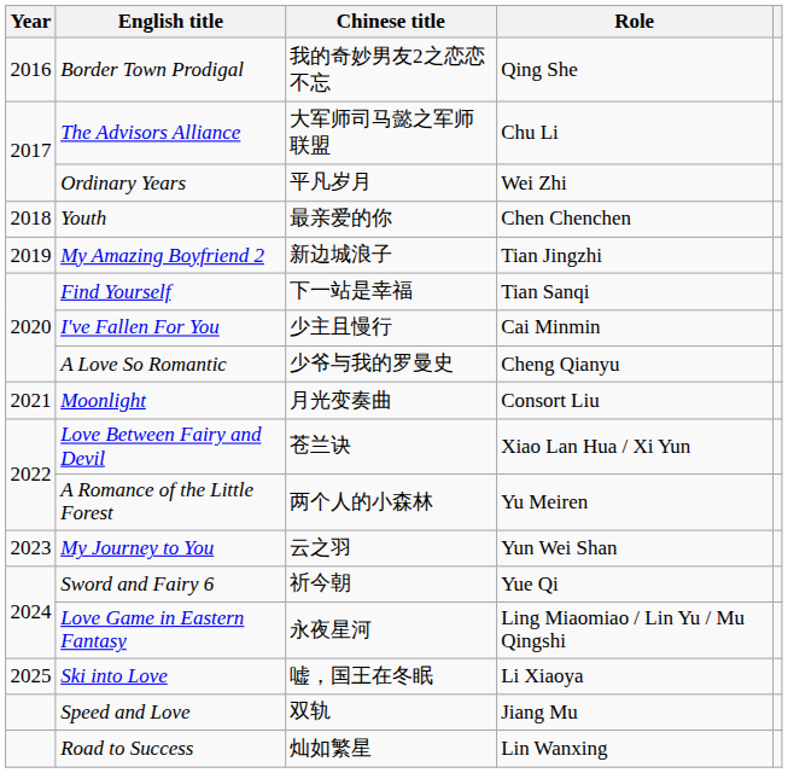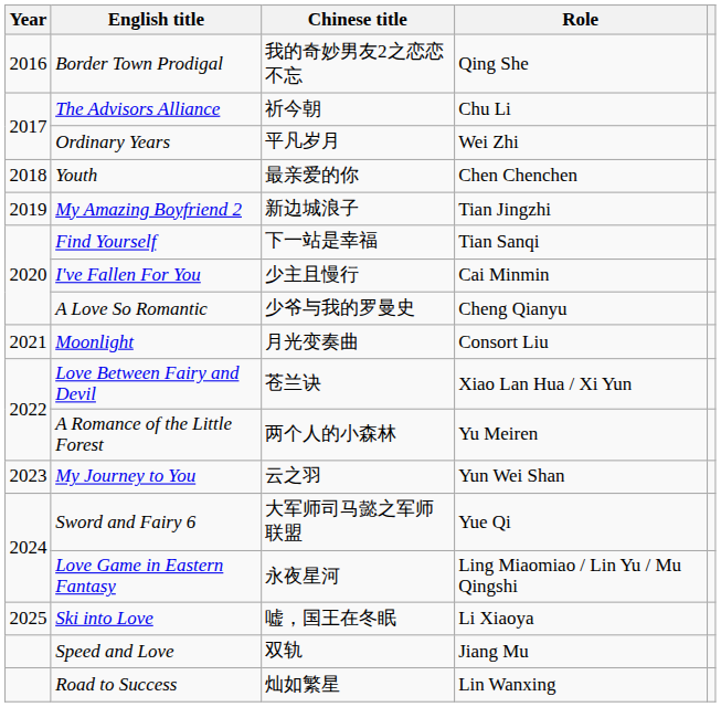 <table class="wikitable sortable">
 <tr>
 <th>Year</th>
 <th>English title</th>
 <th>Chinese title</th>
 <th>Role</th>
 <th></th>
 </tr>
 <tr>
 <td>2016</td>
 <td><em>Border Town Prodigal</em></td>
 <td>我的奇妙男友2之恋恋不忘</td>
 <td>Qing She</td>
 <td></td>
 </tr>
 <tr>
 <td rowspan=2>2017</td>
 <td><em><a href='#'>The Advisors Alliance</a></em></td>
-<td>大军师司马懿之军师联盟</td>
+<td>祈今朝</td>
 <td>Chu Li</td>
 <td></td>
 </tr>
 <tr>
 <td><em>Ordinary Years</em></td>
 <td>平凡岁月</td>
 <td>Wei Zhi</td>
 <td></td>
 </tr>
 <tr>
 <td>2018</td>
 <td><em>Youth</em></td>
 <td>最亲爱的你</td>
 <td>Chen Chenchen</td>
 <td></td>
 </tr>
 <tr>
 <td>2019</td>
 <td><em><a href='#'>My Amazing Boyfriend 2</a></em></td>
 <td>新边城浪子</td>
 <td>Tian Jingzhi</td>
 <td></td>
 </tr>
 <tr>
 <td rowspan="3">2020</td>
 <td><em><a href='#'>Find Yourself</a></em></td>
 <td>下一站是幸福</td>
 <td>Tian Sanqi</td>
 <td></td>
 </tr>
 <tr>
 <td><em><a href='#'>I've Fallen For You</a></em></td>
 <td>少主且慢行</td>
 <td>Cai Minmin</td>
 <td></td>
 </tr>
 <tr>
 <td><em>A Love So Romantic</em></td>
 <td>少爷与我的罗曼史</td>
 <td>Cheng Qianyu</td>
 <td></td>
 </tr>
 <tr>
 <td>2021</td>
 <td><em><a href='#'>Moonlight</a></em></td>
 <td>月光变奏曲</td>
 <td>Consort Liu</td>
 <td></td>
 </tr>
 <tr>
 <td rowspan="2">2022</td>
 <td><em><a href='#'>Love Between Fairy and Devil</a></em></td>
 <td>苍兰诀</td>
 <td>Xiao Lan Hua / Xi Yun</td>
 <td></td>
 </tr>
 <tr>
 <td><em>A Romance of the Little Forest</em></td>
 <td>两个人的小森林</td>
 <td>Yu Meiren</td>
 <td></td>
 </tr>
 <tr>
 <td>2023</td>
 <td><em><a href='#'>My Journey to You</a></em></td>
 <td>云之羽</td>
 <td>Yun Wei Shan</td>
 <td></td>
 </tr>
 <tr>
 <td rowspan="2">2024</td>
 <td><em>Sword and Fairy 6</em></td>
-<td>祈今朝</td>
+<td>大军师司马懿之军师联盟</td>
 <td>Yue Qi</td>
 <td></td>
 </tr>
 <tr>
 <td><em><a href='#'>Love Game in Eastern Fantasy</a></em></td>
 <td>永夜星河</td>
 <td>Ling Miaomiao / Lin Yu / Mu Qingshi</td>
 <td></td>
 </tr>
 <tr>
 <td>2025</td>
 <td><em><a href='#'>Ski into Love</a></em></td>
 <td>嘘，国王在冬眠</td>
 <td>Li Xiaoya</td>
 <td></td>
 </tr>
 <tr>
 <td></td>
 <td><em>Speed and Love</em></td>
 <td>双轨</td>
 <td>Jiang Mu</td>
 <td></td>
 </tr>
 <tr>
 <td></td>
 <td><em>Road to Success</em></td>
 <td>灿如繁星</td>
 <td>Lin Wanxing</td>
 <td></td>
 </tr>
 </table>
